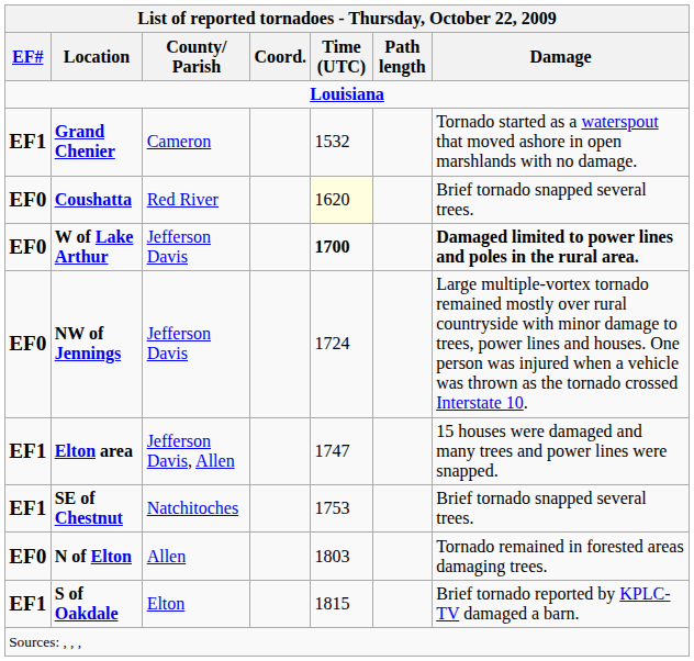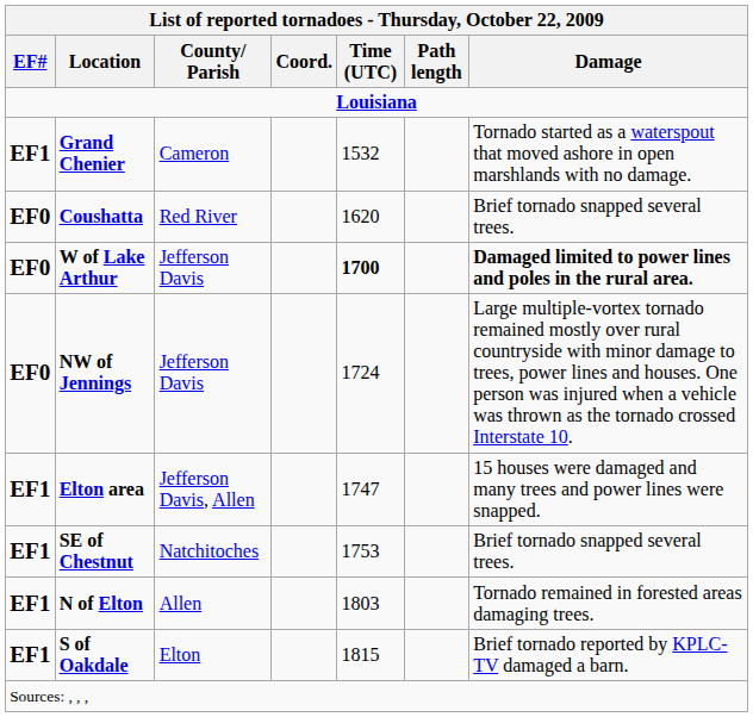 <table class="wikitable collapsible" width="100%">
 <tr>
 <th colspan="7">List of reported tornadoes - Thursday, October 22, 2009</th>
 </tr>
 <tr>
 <th><a href='#'>EF#</a></th>
 <th>Location</th>
 <th>County/<br>Parish</th>
 <th>Coord.</th>
 <th>Time (UTC)</th>
 <th>Path length</th>
 <th>Damage</th>
 </tr>
 <tr>
 <td colspan="7" align=center><strong><a href='#'>Louisiana</a></strong></td>
 </tr>
 <tr>
 <td><big><strong>EF1</strong></big></td>
 <td><strong><a href='#'>Grand Chenier</a></strong></td>
 <td><a href='#'>Cameron</a></td>
 <td></td>
 <td>1532</td>
 <td></td>
 <td>Tornado started as a <a href='#'>waterspout</a> that moved ashore in open marshlands with no damage.</td>
 </tr>
 <tr>
 <td><big><strong>EF0</strong></big></td>
 <td><strong><a href='#'>Coushatta</a></strong></td>
 <td><a href='#'>Red River</a></td>
 <td></td>
-<td style="background: lightyellow;">1620</td>
+<td>1620</td>
 <td></td>
 <td>Brief tornado snapped several trees.</td>
 </tr>
 <tr>
 <td><big><strong>EF0</strong></big></td>
 <td><strong>W of <a href='#'>Lake Arthur</a></strong></td>
 <td><a href='#'>Jefferson Davis</a></td>
 <td></td>
 <td><strong>1700</strong></td>
 <td></td>
 <td><strong>Damaged limited to power lines and poles in the rural area.</strong></td>
 </tr>
 <tr>
 <td><big><strong>EF0</strong></big></td>
 <td><strong>NW of <a href='#'>Jennings</a></strong></td>
 <td><a href='#'>Jefferson Davis</a></td>
 <td></td>
 <td>1724</td>
 <td></td>
 <td>Large multiple-vortex tornado remained mostly over rural countryside with minor damage to trees, power lines and houses. One person was injured when a vehicle was thrown as the tornado crossed <a href='#'>Interstate 10</a>.</td>
 </tr>
 <tr>
 <td><big><strong>EF1</strong></big></td>
 <td><strong><a href='#'>Elton</a> area</strong></td>
 <td><a href='#'>Jefferson Davis</a>, <a href='#'>Allen</a></td>
 <td></td>
 <td>1747</td>
 <td></td>
 <td>15 houses were damaged and many trees and power lines were snapped.</td>
 </tr>
 <tr>
 <td><big><strong>EF1</strong></big></td>
 <td><strong>SE of <a href='#'>Chestnut</a></strong></td>
 <td><a href='#'>Natchitoches</a></td>
 <td></td>
 <td>1753</td>
 <td></td>
 <td>Brief tornado snapped several trees.</td>
 </tr>
 <tr>
-<td><big><strong>EF0</strong></big></td>
+<td><big><strong>EF1</strong></big></td>
 <td><strong>N of <a href='#'>Elton</a></strong></td>
 <td><a href='#'>Allen</a></td>
 <td></td>
 <td>1803</td>
 <td></td>
 <td>Tornado remained in forested areas damaging trees.</td>
 </tr>
 <tr>
 <td><big><strong>EF1</strong></big></td>
 <td><strong>S of <a href='#'>Oakdale</a></strong></td>
 <td><a href='#'>Elton</a></td>
 <td></td>
 <td>1815</td>
 <td></td>
 <td>Brief tornado reported by <a href='#'>KPLC-TV</a> damaged a barn.</td>
 </tr>
 <tr>
 <td colspan="7"><small>Sources: , , , </small></td>
 </tr>
 </table>
